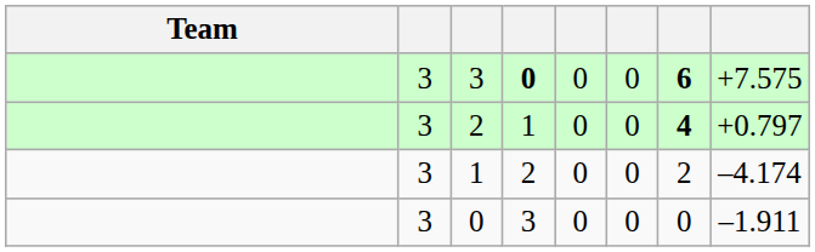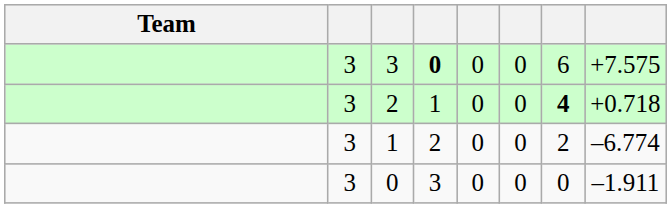 <table class="wikitable" style="text-align:center">
 <tr>
 <th width=200>Team</th>
 <th width=20></th>
 <th width=20></th>
 <th width=20></th>
 <th width=20></th>
 <th width=20></th>
 <th width=20></th>
 <th width=45></th>
 </tr>
 <tr bgcolor=ccffcc>
 <td align="left"></td>
 <td>3</td>
 <td>3</td>
 <td><strong>0</strong></td>
 <td>0</td>
 <td>0</td>
-<td><strong>6</strong></td>
+<td>6</td>
 <td>+7.575</td>
 </tr>
 <tr bgcolor=ccffcc>
 <td align="left"></td>
 <td>3</td>
 <td>2</td>
 <td>1</td>
 <td>0</td>
 <td>0</td>
 <td><strong>4</strong></td>
-<td>+0.797</td>
+<td>+0.718</td>
 </tr>
 <tr>
 <td align="left"></td>
 <td>3</td>
 <td>1</td>
 <td>2</td>
 <td>0</td>
 <td>0</td>
 <td>2</td>
-<td>–4.174</td>
+<td>–6.774</td>
 </tr>
 <tr>
 <td align="left"></td>
 <td>3</td>
 <td>0</td>
 <td>3</td>
 <td>0</td>
 <td>0</td>
 <td>0</td>
 <td>–1.911</td>
 </tr>
 </table>
